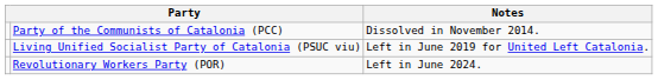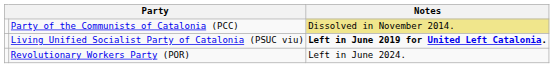 <table class="wikitable" style="text-align:left; font-size:95%;">
 <tr>
 <th colspan="2">Party</th>
 <th>Notes</th>
 </tr>
 <tr>
 <td></td>
 <td><a href='#'>Party of the Communists of Catalonia</a> (PCC)</td>
-<td>Dissolved in November 2014.</td>
+<td style="background: khaki;">Dissolved in November 2014.</td>
 </tr>
 <tr>
 <td></td>
 <td><a href='#'>Living Unified Socialist Party of Catalonia</a> (PSUC viu)</td>
-<td>Left in June 2019 for <a href='#'>United Left Catalonia</a>.</td>
+<td><strong>Left in June 2019 for <a href='#'>United Left Catalonia</a>.</strong></td>
 </tr>
 <tr>
 <td></td>
 <td><a href='#'>Revolutionary Workers Party</a> (POR)</td>
 <td>Left in June 2024.</td>
 </tr>
 </table>
